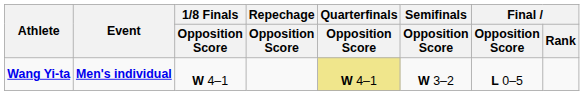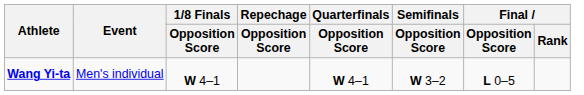 <table class="wikitable" style="font-size:90%; text-align:center">
 <tr>
 <th rowspan="2">Athlete</th>
 <th rowspan="2">Event</th>
 <th>1/8 Finals</th>
 <th>Repechage</th>
 <th>Quarterfinals</th>
 <th>Semifinals</th>
 <th colspan="2">Final / </th>
 </tr>
 <tr>
 <th>Opposition<br>Score</th>
 <th>Opposition<br>Score</th>
 <th>Opposition<br>Score</th>
 <th>Opposition<br>Score</th>
 <th>Opposition<br>Score</th>
 <th>Rank</th>
 </tr>
 <tr>
 <td align="left"><strong><a href='#'>Wang Yi-ta</a></strong></td>
-<td align="left"><strong><a href='#'>Men's individual</a></strong></td>
+<td align="left"><a href='#'>Men's individual</a></td>
 <td><br><strong>W</strong> 4–1</td>
 <td></td>
-<td style="background: khaki;"><br><strong>W</strong> 4–1</td>
+<td><br><strong>W</strong> 4–1</td>
 <td><br><strong>W</strong> 3–2</td>
 <td><br><strong>L</strong> 0–5</td>
 <td></td>
 </tr>
 </table>
